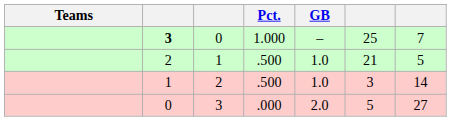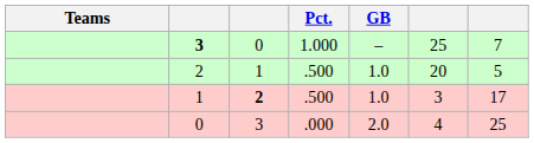 <table class="wikitable" style="text-align: center;">
 <tr>
 <th style="width: 150px;">Teams</th>
 <th style="width: 50px;"></th>
 <th style="width: 50px;"></th>
 <th style="width: 50px;"><a href='#'>Pct.</a></th>
 <th style="width: 50px;"><a href='#'>GB</a></th>
 <th style="width: 50px;"></th>
 <th style="width: 50px;"></th>
 </tr>
 <tr style="background: #CFC;">
 <td style="text-align: left;"></td>
 <td><strong>3</strong></td>
 <td>0</td>
 <td>1.000</td>
 <td>–</td>
 <td>25</td>
 <td>7</td>
 </tr>
 <tr style="background: #CFC;">
 <td style="text-align: left;"></td>
 <td>2</td>
 <td>1</td>
 <td>.500</td>
 <td>1.0</td>
-<td>21</td>
+<td>20</td>
 <td>5</td>
 </tr>
 <tr style="background: #FCC;">
 <td style="text-align: left;"></td>
 <td>1</td>
-<td>2</td>
+<td><strong>2</strong></td>
 <td>.500</td>
 <td>1.0</td>
 <td>3</td>
-<td>14</td>
+<td>17</td>
 </tr>
 <tr style="background: #FCC;">
 <td style="text-align: left;"></td>
 <td>0</td>
 <td>3</td>
 <td>.000</td>
 <td>2.0</td>
-<td>5</td>
-<td>27</td>
+<td>4</td>
+<td>25</td>
 </tr>
 </table>
